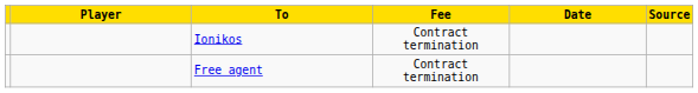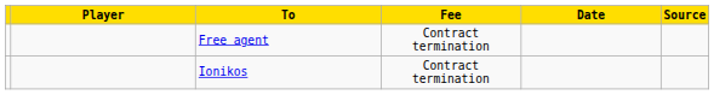 <table class="wikitable sortable">
 <tr>
 <th style="background:#FFDE00"></th>
 <th width=200 style="background:#FFDE00">Player</th>
 <th width=200 style="background:#FFDE00">To</th>
 <th width=150 style="background:#FFDE00">Fee</th>
 <th width=150 style="background:#FFDE00">Date</th>
 <th style="background:#FFDE00">Source</th>
 </tr>
 <tr>
 <td align=center></td>
 <td></td>
-<td> <a href='#'>Ionikos</a></td>
+<td><a href='#'>Free agent</a></td>
 <td align=center>Contract termination</td>
 <td align=center></td>
 <td align=center></td>
 </tr>
 <tr>
 <td align=center></td>
 <td></td>
-<td><a href='#'>Free agent</a></td>
+<td> <a href='#'>Ionikos</a></td>
 <td align=center>Contract termination</td>
 <td align=center></td>
 <td align=center></td>
 </tr>
 </table>
